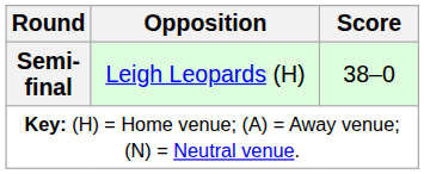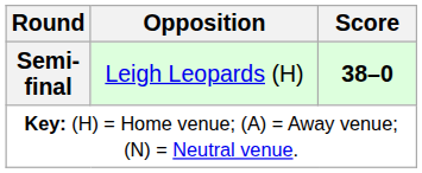 <table class="wikitable plainrowheaders" style="text-align:center;margin-left:1em;">
 <tr>
 <th width="25">Round</th>
 <th width="150">Opposition</th>
 <th width="60">Score</th>
 </tr>
 <tr>
 <th scope=row style="text-align:center">Semi-final</th>
 <td bgcolor=ddffdd> <a href='#'>Leigh Leopards</a> (H)</td>
-<td bgcolor=ddffdd>38–0</td>
+<td bgcolor=ddffdd><strong>38–0</strong></td>
 </tr>
 <tr>
 <td colspan="3" style="background-color:white;"><small><strong>Key:</strong> (H) = Home venue; (A) = Away venue; (N) = <a href='#'>Neutral venue</a>.</small></td>
 </tr>
 </table>
